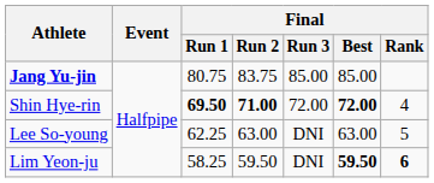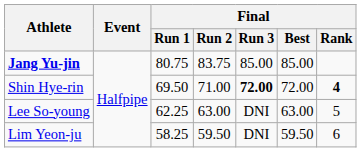 <table class=wikitable style=font-size:90%;text-align:center>
 <tr>
 <th rowspan=2>Athlete</th>
 <th rowspan=2>Event</th>
 <th colspan=5>Final</th>
 </tr>
 <tr style=font-size:95%>
 <th>Run 1</th>
 <th>Run 2</th>
 <th>Run 3</th>
 <th>Best</th>
 <th>Rank</th>
 </tr>
 <tr align=center>
 <td align=left><strong><a href='#'>Jang Yu-jin</a></strong></td>
 <td align=left rowspan=4><a href='#'>Halfpipe</a></td>
 <td>80.75</td>
 <td>83.75</td>
 <td>85.00</td>
 <td>85.00</td>
 <td></td>
 </tr>
 <tr align=center>
 <td align=left><a href='#'>Shin Hye-rin</a></td>
-<td><strong>69.50</strong></td>
-<td><strong>71.00</strong></td>
+<td>69.50</td>
+<td>71.00</td>
+<td><strong>72.00</strong></td>
 <td>72.00</td>
-<td><strong>72.00</strong></td>
-<td>4</td>
+<td><strong>4</strong></td>
 </tr>
 <tr align=center>
 <td align=left><a href='#'>Lee So-young</a></td>
 <td>62.25</td>
 <td>63.00</td>
 <td>DNI</td>
 <td>63.00</td>
 <td>5</td>
 </tr>
 <tr align=center>
 <td align=left><a href='#'>Lim Yeon-ju</a></td>
 <td>58.25</td>
 <td>59.50</td>
 <td>DNI</td>
-<td><strong>59.50</strong></td>
-<td><strong>6</strong></td>
+<td>59.50</td>
+<td>6</td>
 </tr>
 </table>
